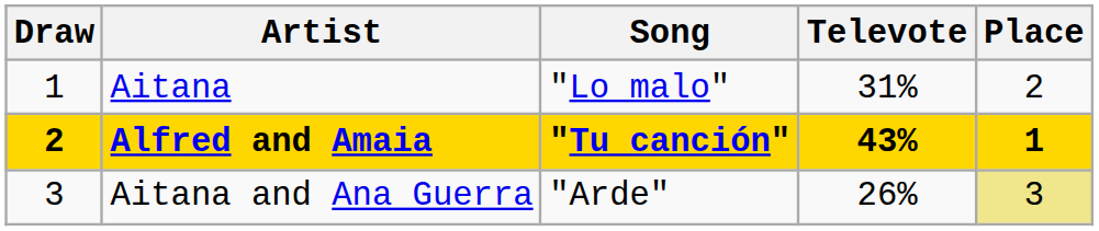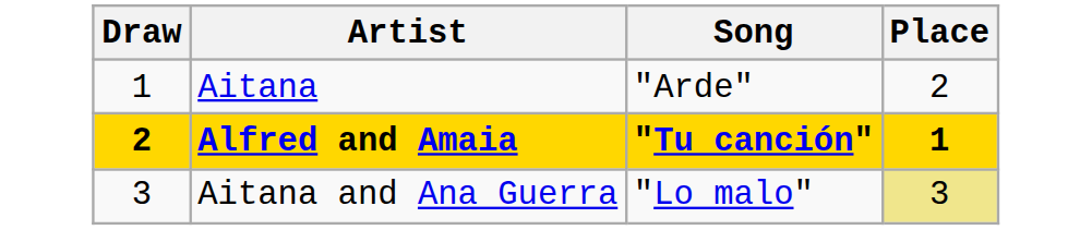 <table class="sortable wikitable" style="margin: 1em auto 1em auto; text-align:center">
 <tr>
 <th>Draw</th>
 <th>Artist</th>
 <th>Song</th>
-<th>Televote</th>
 <th>Place</th>
 </tr>
 <tr>
 <td>1</td>
 <td align="left"><a href='#'>Aitana</a></td>
-<td align="left">"<a href='#'>Lo malo</a>"</td>
-<td>31%</td>
+<td align="left">"Arde"</td>
 <td>2</td>
 </tr>
 <tr style="font-weight:bold; background:gold">
 <td>2</td>
 <td align="left"><a href='#'>Alfred</a> and <a href='#'>Amaia</a></td>
 <td align="left">"<a href='#'>Tu canción</a>"</td>
-<td>43%</td>
 <td>1</td>
 </tr>
 <tr>
 <td>3</td>
 <td align="left">Aitana and <a href='#'>Ana Guerra</a></td>
-<td align="left">"Arde"</td>
-<td>26%</td>
+<td align="left">"<a href='#'>Lo malo</a>"</td>
 <td style="background: khaki;">3</td>
 </tr>
 </table>
